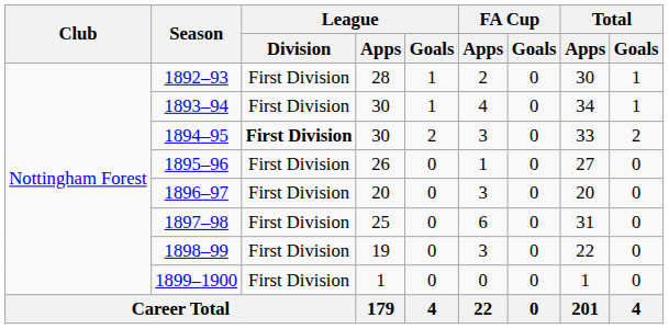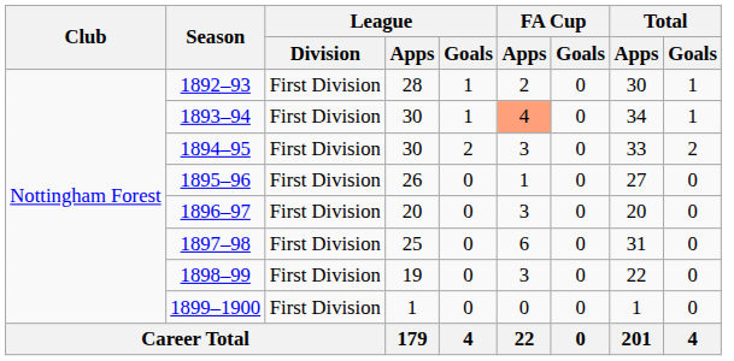 <table class="wikitable" style="text-align: center;">
 <tr>
 <th rowspan="2">Club</th>
 <th rowspan="2">Season</th>
 <th colspan="3">League</th>
 <th colspan="2">FA Cup</th>
 <th colspan="2">Total</th>
 </tr>
 <tr>
 <th>Division</th>
 <th>Apps</th>
 <th>Goals</th>
 <th>Apps</th>
 <th>Goals</th>
 <th>Apps</th>
 <th>Goals</th>
 </tr>
 <tr>
 <td rowspan=8><a href='#'>Nottingham Forest</a></td>
 <td><a href='#'>1892–93</a></td>
 <td>First Division</td>
 <td>28</td>
 <td>1</td>
 <td>2</td>
 <td>0</td>
 <td>30</td>
 <td>1</td>
 </tr>
 <tr>
 <td><a href='#'>1893–94</a></td>
 <td>First Division</td>
 <td>30</td>
 <td>1</td>
-<td>4</td>
+<td style="background: lightsalmon;">4</td>
 <td>0</td>
 <td>34</td>
 <td>1</td>
 </tr>
 <tr>
 <td><a href='#'>1894–95</a></td>
-<td><strong>First Division</strong></td>
+<td>First Division</td>
 <td>30</td>
 <td>2</td>
 <td>3</td>
 <td>0</td>
 <td>33</td>
 <td>2</td>
 </tr>
 <tr>
 <td><a href='#'>1895–96</a></td>
 <td>First Division</td>
 <td>26</td>
 <td>0</td>
 <td>1</td>
 <td>0</td>
 <td>27</td>
 <td>0</td>
 </tr>
 <tr>
 <td><a href='#'>1896–97</a></td>
 <td>First Division</td>
 <td>20</td>
 <td>0</td>
 <td>3</td>
 <td>0</td>
 <td>20</td>
 <td>0</td>
 </tr>
 <tr>
 <td><a href='#'>1897–98</a></td>
 <td>First Division</td>
 <td>25</td>
 <td>0</td>
 <td>6</td>
 <td>0</td>
 <td>31</td>
 <td>0</td>
 </tr>
 <tr>
 <td><a href='#'>1898–99</a></td>
 <td>First Division</td>
 <td>19</td>
 <td>0</td>
 <td>3</td>
 <td>0</td>
 <td>22</td>
 <td>0</td>
 </tr>
 <tr>
 <td><a href='#'>1899–1900</a></td>
 <td>First Division</td>
 <td>1</td>
 <td>0</td>
 <td>0</td>
 <td>0</td>
 <td>1</td>
 <td>0</td>
 </tr>
 <tr>
 <th colspan="3">Career Total</th>
 <th>179</th>
 <th>4</th>
 <th>22</th>
 <th>0</th>
 <th>201</th>
 <th>4</th>
 </tr>
 </table>
